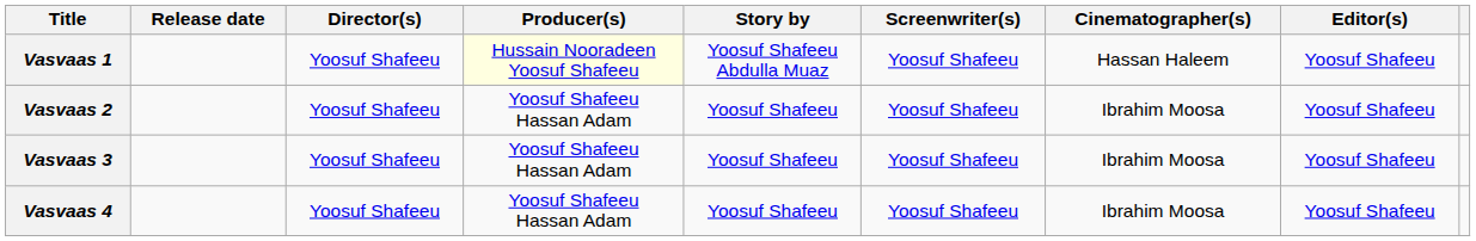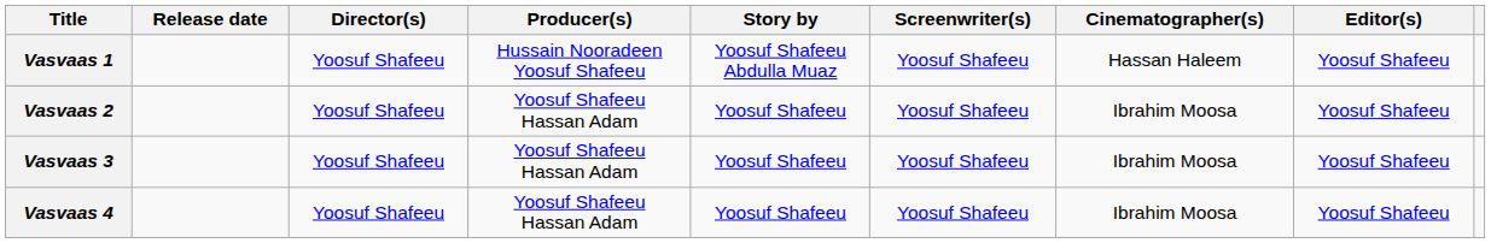 <table class="wikitable plainrowheaders" style="text-align: center" width="100%">
 <tr>
 <th scope="col">Title</th>
 <th scope="col">Release date</th>
 <th scope="col">Director(s)</th>
 <th scope="col">Producer(s)</th>
 <th scope="col">Story by</th>
 <th scope="col">Screenwriter(s)</th>
 <th scope="col">Cinematographer(s)</th>
 <th scope="col">Editor(s)</th>
 <th scope="col" class="unsortable"></th>
 </tr>
 <tr>
 <th scope="row"><em>Vasvaas 1</em></th>
 <td></td>
 <td><a href='#'>Yoosuf Shafeeu</a></td>
-<td style="background: lightyellow;"><a href='#'>Hussain Nooradeen</a><br><a href='#'>Yoosuf Shafeeu</a></td>
+<td><a href='#'>Hussain Nooradeen</a><br><a href='#'>Yoosuf Shafeeu</a></td>
 <td><a href='#'>Yoosuf Shafeeu</a><br><a href='#'>Abdulla Muaz</a></td>
 <td><a href='#'>Yoosuf Shafeeu</a></td>
 <td>Hassan Haleem</td>
 <td><a href='#'>Yoosuf Shafeeu</a></td>
 <td style="text-align: center;"></td>
 </tr>
 <tr>
 <th scope="row"><em>Vasvaas 2</em></th>
 <td></td>
 <td><a href='#'>Yoosuf Shafeeu</a></td>
 <td><a href='#'>Yoosuf Shafeeu</a><br>Hassan Adam</td>
 <td><a href='#'>Yoosuf Shafeeu</a></td>
 <td><a href='#'>Yoosuf Shafeeu</a></td>
 <td>Ibrahim Moosa</td>
 <td><a href='#'>Yoosuf Shafeeu</a></td>
 <td style="text-align: center;"></td>
 </tr>
 <tr>
 <th scope="row"><em>Vasvaas 3</em></th>
 <td></td>
 <td><a href='#'>Yoosuf Shafeeu</a></td>
 <td><a href='#'>Yoosuf Shafeeu</a><br>Hassan Adam</td>
 <td><a href='#'>Yoosuf Shafeeu</a></td>
 <td><a href='#'>Yoosuf Shafeeu</a></td>
 <td>Ibrahim Moosa</td>
 <td><a href='#'>Yoosuf Shafeeu</a></td>
 <td style="text-align: center;"></td>
 </tr>
 <tr>
 <th scope="row"><em>Vasvaas 4</em></th>
 <td></td>
 <td><a href='#'>Yoosuf Shafeeu</a></td>
 <td><a href='#'>Yoosuf Shafeeu</a><br>Hassan Adam</td>
 <td><a href='#'>Yoosuf Shafeeu</a></td>
 <td><a href='#'>Yoosuf Shafeeu</a></td>
 <td>Ibrahim Moosa</td>
 <td><a href='#'>Yoosuf Shafeeu</a></td>
 <td style="text-align: center;"></td>
 </tr>
 <tr>
 </tr>
 </table>
